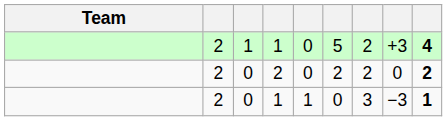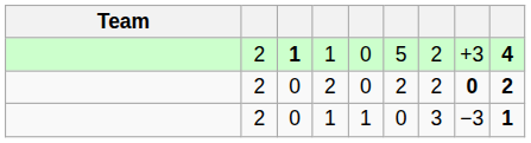 <table class=wikitable style="text-align:center">
 <tr>
 <th width="175">Team</th>
 <th width="20"></th>
 <th width="20"></th>
 <th width="20"></th>
 <th width="20"></th>
 <th width="20"></th>
 <th width="20"></th>
 <th width="20"></th>
 <th width="20"></th>
 </tr>
 <tr bgcolor=ccffcc>
 <td align=left></td>
 <td>2</td>
-<td>1</td>
+<td><strong>1</strong></td>
 <td>1</td>
 <td>0</td>
 <td>5</td>
 <td>2</td>
 <td>+3</td>
 <td><strong>4</strong></td>
 </tr>
 <tr>
 <td align=left></td>
 <td>2</td>
 <td>0</td>
 <td>2</td>
 <td>0</td>
 <td>2</td>
 <td>2</td>
-<td>0</td>
+<td><strong>0</strong></td>
 <td><strong>2</strong></td>
 </tr>
 <tr>
 <td align=left></td>
 <td>2</td>
 <td>0</td>
 <td>1</td>
 <td>1</td>
 <td>0</td>
 <td>3</td>
 <td>−3</td>
 <td><strong>1</strong></td>
 </tr>
 </table>
